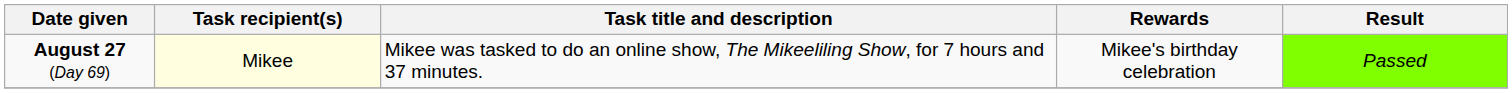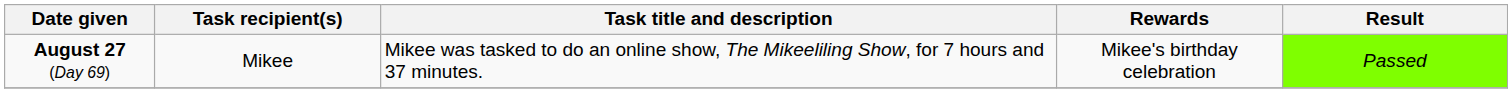 <table class="wikitable" style="text-align:center; font-size:100%; line-height:18px;" width="100%">
 <tr>
 <th style="width: 10%;">Date given</th>
 <th style="width: 15%;">Task recipient(s)</th>
 <th style="width: 45%;">Task title and description</th>
 <th style="width: 15%;">Rewards</th>
 <th style="width: 15%;">Result</th>
 </tr>
 <tr>
 <td><strong>August 27</strong><br><small>(<em>Day 69</em>)</small></td>
-<td style="background: lightyellow;">Mikee</td>
+<td>Mikee</td>
 <td align="left">Mikee was tasked to do an online show, <em>The Mikeeliling Show</em>, for 7 hours and 37 minutes.</td>
 <td>Mikee's birthday celebration</td>
 <td style="background:#7FFF00;"><em>Passed</em></td>
 </tr>
 <tr>
 </tr>
 </table>
